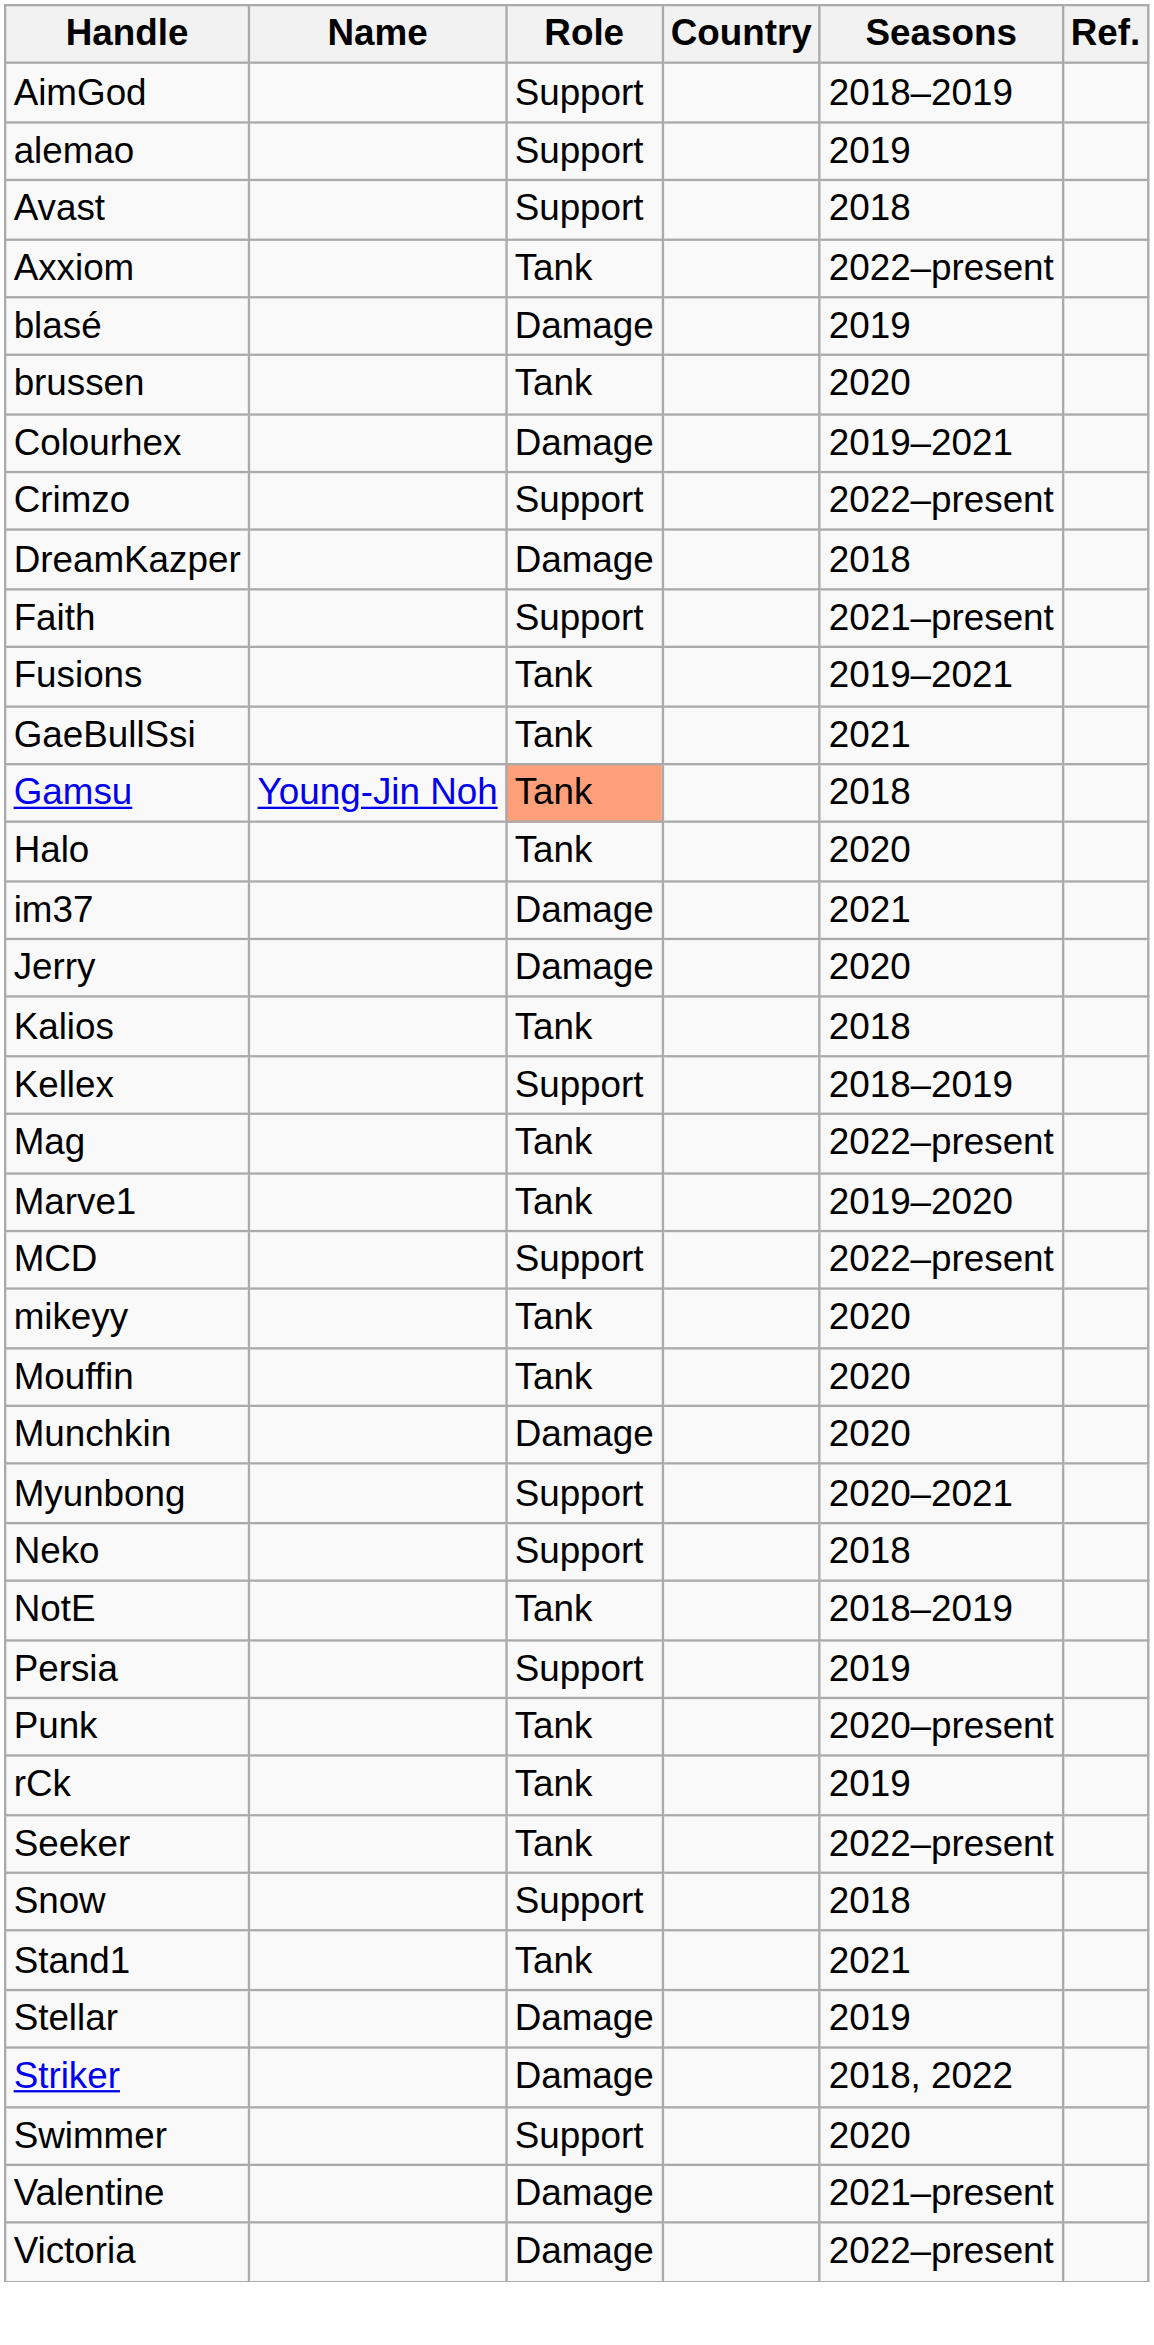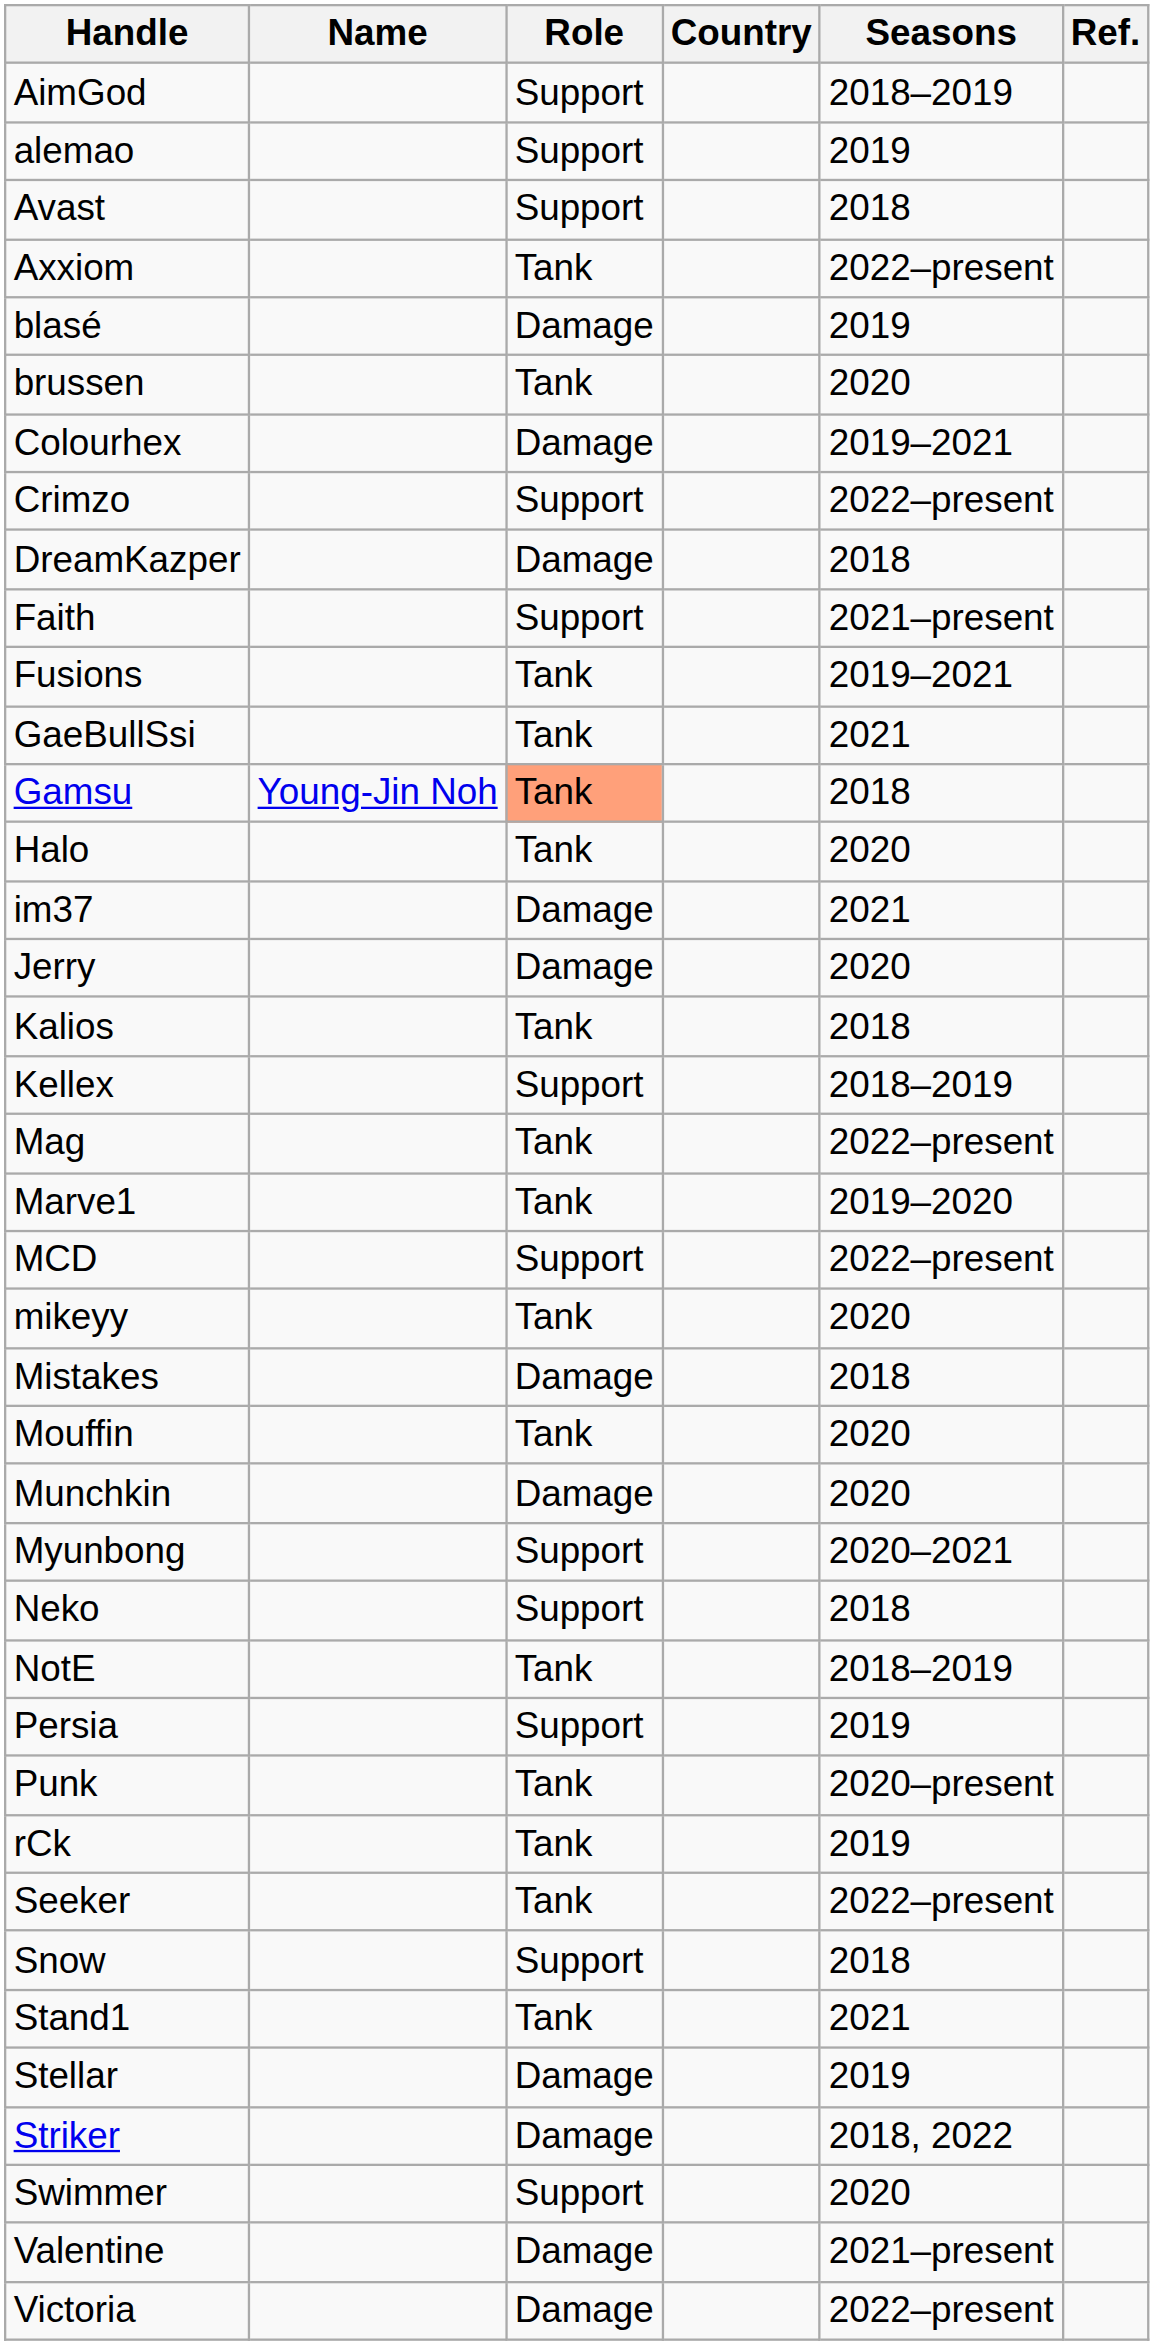 <table class="wikitable sortable" style="text-align:left;">
 <tr>
 <th style="background-color:#">Handle</th>
 <th style="background-color:#">Name</th>
 <th style="background-color:#">Role</th>
 <th style="background-color:#">Country</th>
 <th style="background-color:#">Seasons</th>
 <th style="background-color:#">Ref.</th>
 </tr>
 <tr>
 <td>AimGod</td>
 <td></td>
 <td>Support</td>
 <td></td>
 <td>2018–2019</td>
 <td></td>
 </tr>
 <tr>
 <td>alemao</td>
 <td></td>
 <td>Support</td>
 <td></td>
 <td>2019</td>
 <td></td>
 </tr>
 <tr>
 <td>Avast</td>
 <td></td>
 <td>Support</td>
 <td></td>
 <td>2018</td>
 <td></td>
 </tr>
 <tr>
 <td>Axxiom</td>
 <td></td>
 <td>Tank</td>
 <td></td>
 <td>2022–present</td>
 <td></td>
 </tr>
 <tr>
 <td>blasé</td>
 <td></td>
 <td>Damage</td>
 <td></td>
 <td>2019</td>
 <td></td>
 </tr>
 <tr>
 <td>brussen</td>
 <td></td>
 <td>Tank</td>
 <td></td>
 <td>2020</td>
 <td></td>
 </tr>
 <tr>
 <td>Colourhex</td>
 <td></td>
 <td>Damage</td>
 <td></td>
 <td>2019–2021</td>
 <td></td>
 </tr>
 <tr>
 <td>Crimzo</td>
 <td></td>
 <td>Support</td>
 <td></td>
 <td>2022–present</td>
 <td></td>
 </tr>
 <tr>
 <td>DreamKazper</td>
 <td></td>
 <td>Damage</td>
 <td></td>
 <td>2018</td>
 <td></td>
 </tr>
 <tr>
 <td>Faith</td>
 <td></td>
 <td>Support</td>
 <td></td>
 <td>2021–present</td>
 <td></td>
 </tr>
 <tr>
 <td>Fusions</td>
 <td></td>
 <td>Tank</td>
 <td></td>
 <td>2019–2021</td>
 <td></td>
 </tr>
 <tr>
 <td>GaeBullSsi</td>
 <td></td>
 <td>Tank</td>
 <td></td>
 <td>2021</td>
 <td></td>
 </tr>
 <tr>
 <td><a href='#'>Gamsu</a></td>
 <td><a href='#'>Young-Jin Noh</a></td>
 <td style="background: lightsalmon;">Tank</td>
 <td></td>
 <td>2018</td>
 <td></td>
 </tr>
 <tr>
 <td>Halo</td>
 <td></td>
 <td>Tank</td>
 <td></td>
 <td>2020</td>
 <td></td>
 </tr>
 <tr>
 <td>im37</td>
 <td></td>
 <td>Damage</td>
 <td></td>
 <td>2021</td>
 <td></td>
 </tr>
 <tr>
 <td>Jerry</td>
 <td></td>
 <td>Damage</td>
 <td></td>
 <td>2020</td>
 <td></td>
 </tr>
 <tr>
 <td>Kalios</td>
 <td></td>
 <td>Tank</td>
 <td></td>
 <td>2018</td>
 <td></td>
 </tr>
 <tr>
 <td>Kellex</td>
 <td></td>
 <td>Support</td>
 <td></td>
 <td>2018–2019</td>
 <td></td>
 </tr>
 <tr>
 <td>Mag</td>
 <td></td>
 <td>Tank</td>
 <td></td>
 <td>2022–present</td>
 <td></td>
 </tr>
 <tr>
 <td>Marve1</td>
 <td></td>
 <td>Tank</td>
 <td></td>
 <td>2019–2020</td>
 <td></td>
 </tr>
 <tr>
 <td>MCD</td>
 <td></td>
 <td>Support</td>
 <td></td>
 <td>2022–present</td>
 <td></td>
 </tr>
 <tr>
 <td>mikeyy</td>
 <td></td>
 <td>Tank</td>
 <td></td>
 <td>2020</td>
 <td></td>
 </tr>
 <tr>
+<td>Mistakes</td>
+<td></td>
+<td>Damage</td>
+<td></td>
+<td>2018</td>
+<td></td>
+</tr>
+<tr>
 <td>Mouffin</td>
 <td></td>
 <td>Tank</td>
 <td></td>
 <td>2020</td>
 <td></td>
 </tr>
 <tr>
 <td>Munchkin</td>
 <td></td>
 <td>Damage</td>
 <td></td>
 <td>2020</td>
 <td></td>
 </tr>
 <tr>
 <td>Myunbong</td>
 <td></td>
 <td>Support</td>
 <td></td>
 <td>2020–2021</td>
 <td></td>
 </tr>
 <tr>
 <td>Neko</td>
 <td></td>
 <td>Support</td>
 <td></td>
 <td>2018</td>
 <td></td>
 </tr>
 <tr>
 <td>NotE</td>
 <td></td>
 <td>Tank</td>
 <td></td>
 <td>2018–2019</td>
 <td></td>
 </tr>
 <tr>
 <td>Persia</td>
 <td></td>
 <td>Support</td>
 <td></td>
 <td>2019</td>
 <td></td>
 </tr>
 <tr>
 <td>Punk</td>
 <td></td>
 <td>Tank</td>
 <td></td>
 <td>2020–present</td>
 <td></td>
 </tr>
 <tr>
 <td>rCk</td>
 <td></td>
 <td>Tank</td>
 <td></td>
 <td>2019</td>
 <td></td>
 </tr>
 <tr>
 <td>Seeker</td>
 <td></td>
 <td>Tank</td>
 <td></td>
 <td>2022–present</td>
 <td></td>
 </tr>
 <tr>
 <td>Snow</td>
 <td></td>
 <td>Support</td>
 <td></td>
 <td>2018</td>
 <td></td>
 </tr>
 <tr>
 <td>Stand1</td>
 <td></td>
 <td>Tank</td>
 <td></td>
 <td>2021</td>
 <td></td>
 </tr>
 <tr>
 <td>Stellar</td>
 <td></td>
 <td>Damage</td>
 <td></td>
 <td>2019</td>
 <td></td>
 </tr>
 <tr>
 <td><a href='#'>Striker</a></td>
 <td></td>
 <td>Damage</td>
 <td></td>
 <td>2018, 2022</td>
 <td></td>
 </tr>
 <tr>
 <td>Swimmer</td>
 <td></td>
 <td>Support</td>
 <td></td>
 <td>2020</td>
 <td></td>
 </tr>
 <tr>
 <td>Valentine</td>
 <td></td>
 <td>Damage</td>
 <td></td>
 <td>2021–present</td>
 <td></td>
 </tr>
 <tr>
 <td>Victoria</td>
 <td></td>
 <td>Damage</td>
 <td></td>
 <td>2022–present</td>
 </tr>
 </table>
